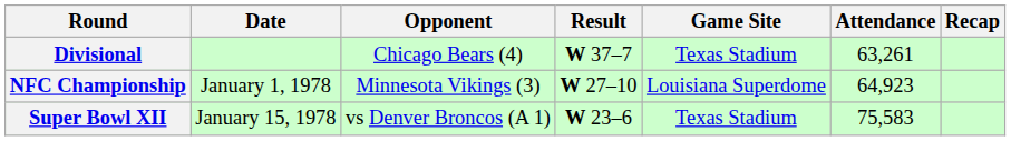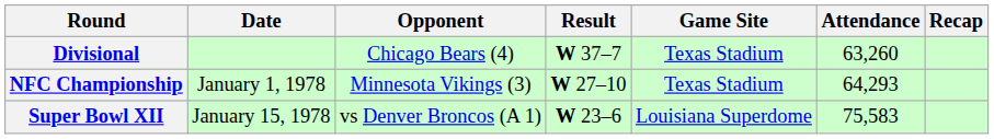 <table class="wikitable" style="text-align:center">
 <tr>
 <th>Round</th>
 <th>Date</th>
 <th>Opponent</th>
 <th>Result</th>
 <th>Game Site</th>
 <th>Attendance</th>
 <th>Recap</th>
 </tr>
 <tr style="background: #cfc">
 <th><a href='#'>Divisional</a></th>
 <td></td>
 <td><a href='#'>Chicago Bears</a> (4)</td>
 <td><strong>W</strong> 37–7</td>
 <td><a href='#'>Texas Stadium</a></td>
-<td>63,261</td>
+<td>63,260</td>
 <td></td>
 </tr>
 <tr style="background: #cfc">
 <th><a href='#'>NFC Championship</a></th>
 <td>January 1, 1978</td>
 <td><a href='#'>Minnesota Vikings</a> (3)</td>
 <td><strong>W</strong> 27–10</td>
-<td><a href='#'>Louisiana Superdome</a></td>
-<td>64,923</td>
+<td><a href='#'>Texas Stadium</a></td>
+<td>64,293</td>
 <td></td>
 </tr>
 <tr style="background: #cfc">
 <th><a href='#'>Super Bowl XII</a></th>
 <td>January 15, 1978</td>
 <td>vs <a href='#'>Denver Broncos</a> (A 1)</td>
 <td><strong>W</strong> 23–6</td>
-<td><a href='#'>Texas Stadium</a></td>
+<td><a href='#'>Louisiana Superdome</a></td>
 <td>75,583</td>
 <td></td>
 </tr>
 </table>
